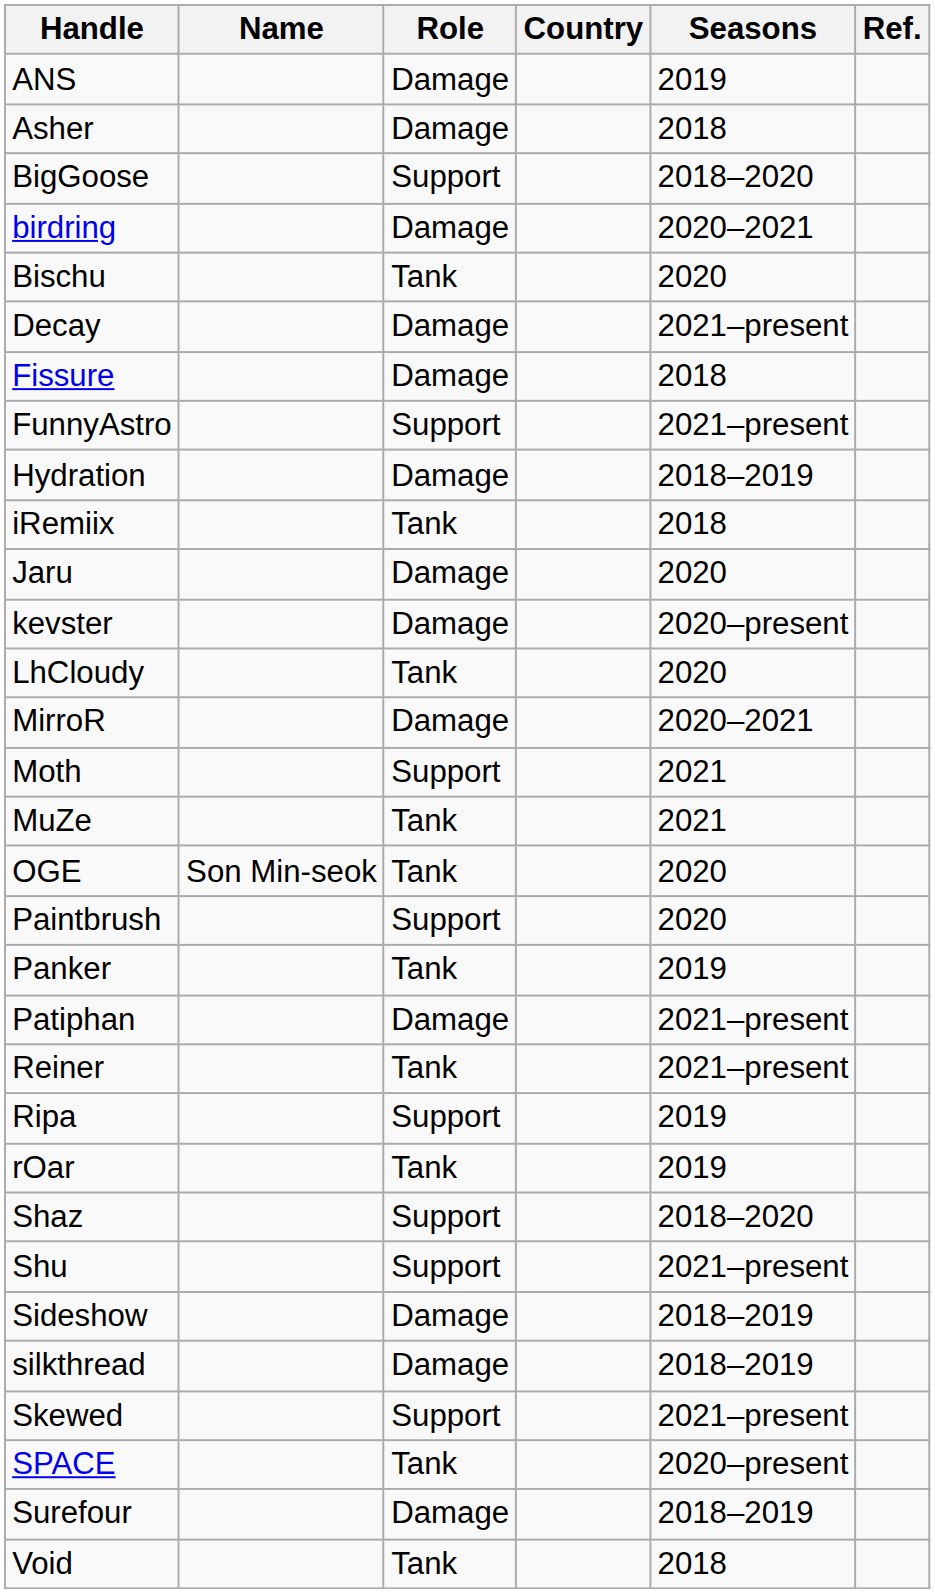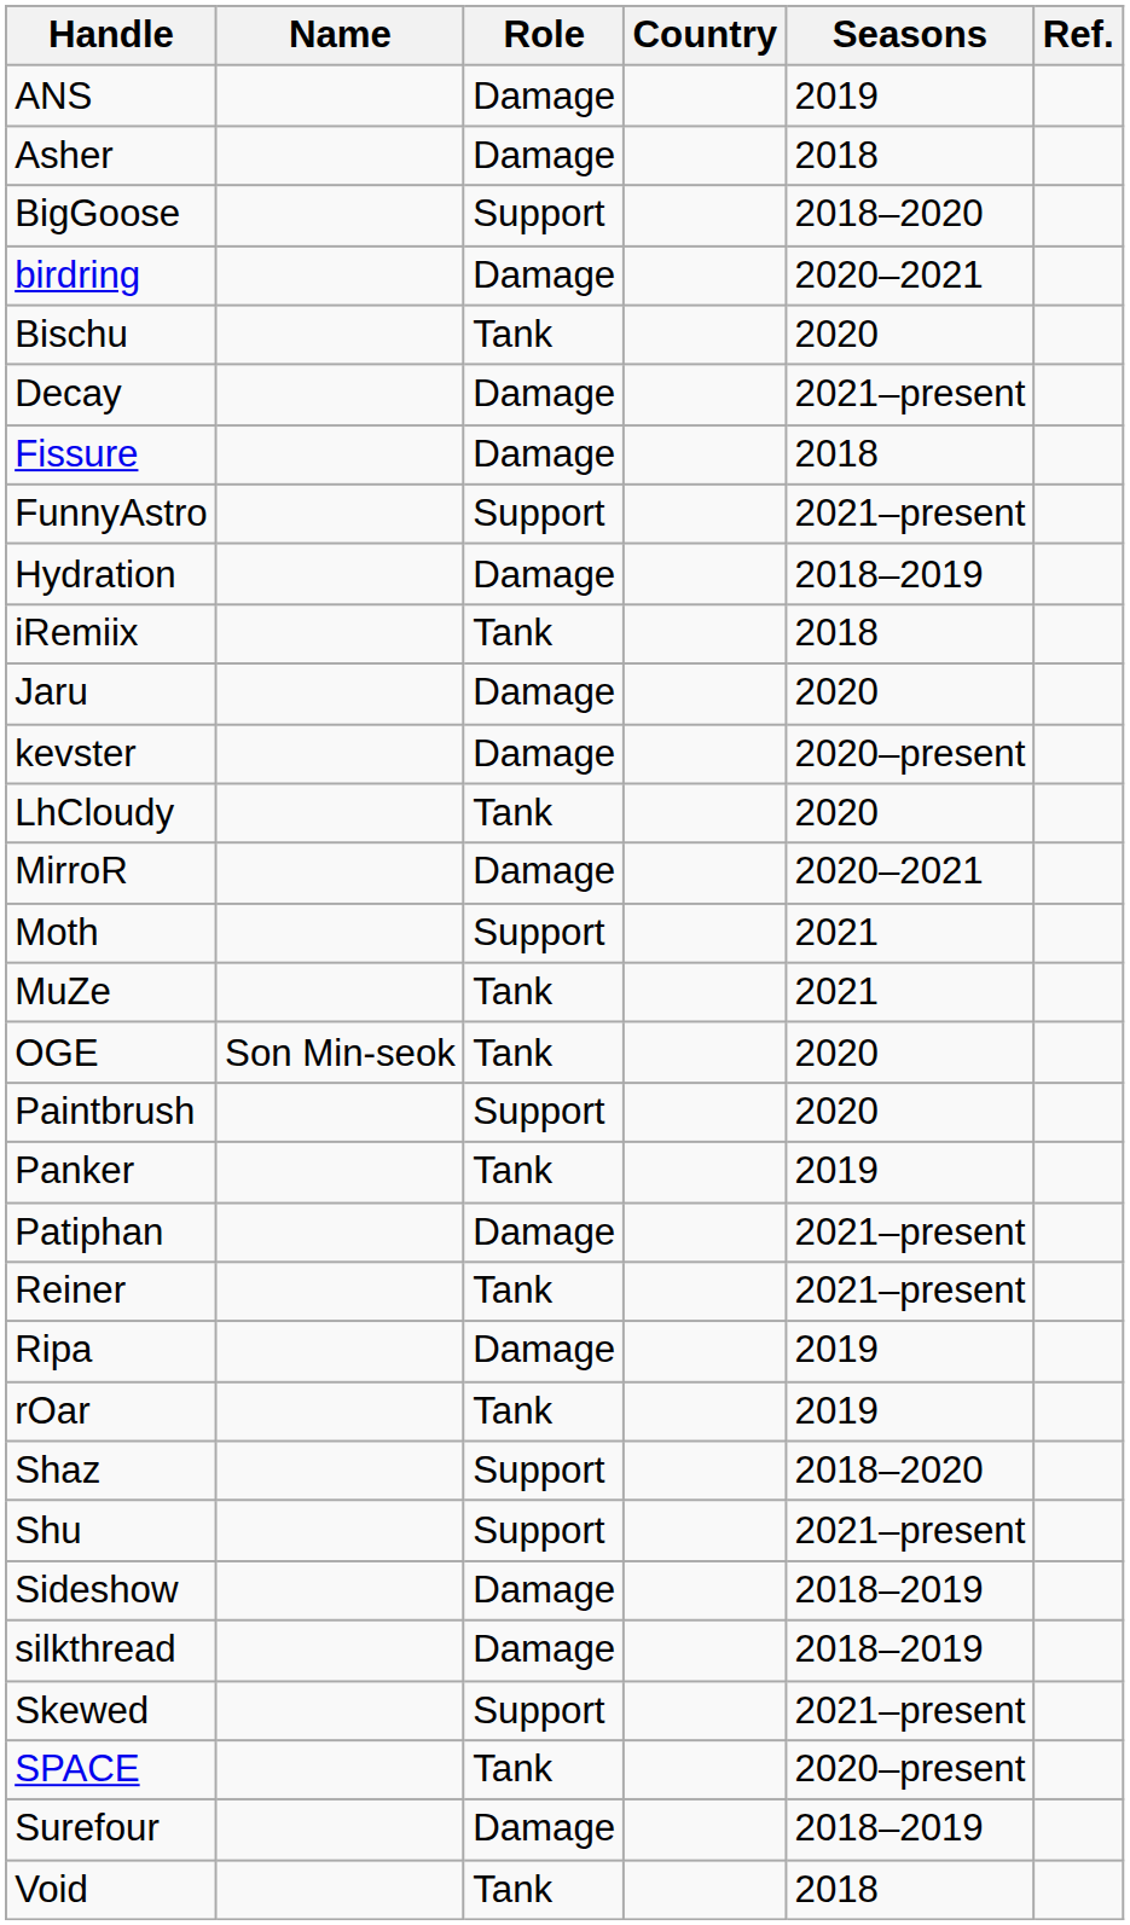 <table class="wikitable sortable" style="text-align:left;">
 <tr>
 <th style="background-color:#">Handle</th>
 <th style="background-color:#">Name</th>
 <th style="background-color:#">Role</th>
 <th style="background-color:#">Country</th>
 <th style="background-color:#">Seasons</th>
 <th style="background-color:#">Ref.</th>
 </tr>
 <tr>
 <td>ANS</td>
 <td></td>
 <td>Damage</td>
 <td></td>
 <td>2019</td>
 <td></td>
 </tr>
 <tr>
 <td>Asher</td>
 <td></td>
 <td>Damage</td>
 <td></td>
 <td>2018</td>
 <td></td>
 </tr>
 <tr>
 <td>BigGoose</td>
 <td></td>
 <td>Support</td>
 <td></td>
 <td>2018–2020</td>
 <td></td>
 </tr>
 <tr>
 <td><a href='#'>birdring</a></td>
 <td></td>
 <td>Damage</td>
 <td></td>
 <td>2020–2021</td>
 <td></td>
 </tr>
 <tr>
 <td>Bischu</td>
 <td></td>
 <td>Tank</td>
 <td></td>
 <td>2020</td>
 <td></td>
 </tr>
 <tr>
 <td>Decay</td>
 <td></td>
 <td>Damage</td>
 <td></td>
 <td>2021–present</td>
 <td></td>
 </tr>
 <tr>
 <td><a href='#'>Fissure</a></td>
 <td></td>
 <td>Damage</td>
 <td></td>
 <td>2018</td>
 <td></td>
 </tr>
 <tr>
 <td>FunnyAstro</td>
 <td></td>
 <td>Support</td>
 <td></td>
 <td>2021–present</td>
 <td></td>
 </tr>
 <tr>
 <td>Hydration</td>
 <td></td>
 <td>Damage</td>
 <td></td>
 <td>2018–2019</td>
 <td></td>
 </tr>
 <tr>
 <td>iRemiix</td>
 <td></td>
 <td>Tank</td>
 <td></td>
 <td>2018</td>
 <td></td>
 </tr>
 <tr>
 <td>Jaru</td>
 <td></td>
 <td>Damage</td>
 <td></td>
 <td>2020</td>
 <td></td>
 </tr>
 <tr>
 <td>kevster</td>
 <td></td>
 <td>Damage</td>
 <td></td>
 <td>2020–present</td>
 <td></td>
 </tr>
 <tr>
 <td>LhCloudy</td>
 <td></td>
 <td>Tank</td>
 <td></td>
 <td>2020</td>
 <td></td>
 </tr>
 <tr>
 <td>MirroR</td>
 <td></td>
 <td>Damage</td>
 <td></td>
 <td>2020–2021</td>
 <td></td>
 </tr>
 <tr>
 <td>Moth</td>
 <td></td>
 <td>Support</td>
 <td></td>
 <td>2021</td>
 <td></td>
 </tr>
 <tr>
 <td>MuZe</td>
 <td></td>
 <td>Tank</td>
 <td></td>
 <td>2021</td>
 <td></td>
 </tr>
 <tr>
 <td>OGE</td>
 <td>Son Min-seok</td>
 <td>Tank</td>
 <td></td>
 <td>2020</td>
 <td></td>
 </tr>
 <tr>
 <td>Paintbrush</td>
 <td></td>
 <td>Support</td>
 <td></td>
 <td>2020</td>
 <td></td>
 </tr>
 <tr>
 <td>Panker</td>
 <td></td>
 <td>Tank</td>
 <td></td>
 <td>2019</td>
 <td></td>
 </tr>
 <tr>
 <td>Patiphan</td>
 <td></td>
 <td>Damage</td>
 <td></td>
 <td>2021–present</td>
 <td></td>
 </tr>
 <tr>
 <td>Reiner</td>
 <td></td>
 <td>Tank</td>
 <td></td>
 <td>2021–present</td>
 <td></td>
 </tr>
 <tr>
 <td>Ripa</td>
 <td></td>
-<td>Support</td>
+<td>Damage</td>
 <td></td>
 <td>2019</td>
 <td></td>
 </tr>
 <tr>
 <td>rOar</td>
 <td></td>
 <td>Tank</td>
 <td></td>
 <td>2019</td>
 <td></td>
 </tr>
 <tr>
 <td>Shaz</td>
 <td></td>
 <td>Support</td>
 <td></td>
 <td>2018–2020</td>
 <td></td>
 </tr>
 <tr>
 <td>Shu</td>
 <td></td>
 <td>Support</td>
 <td></td>
 <td>2021–present</td>
 <td></td>
 </tr>
 <tr>
 <td>Sideshow</td>
 <td></td>
 <td>Damage</td>
 <td></td>
 <td>2018–2019</td>
 <td></td>
 </tr>
 <tr>
 <td>silkthread</td>
 <td></td>
 <td>Damage</td>
 <td></td>
 <td>2018–2019</td>
 <td></td>
 </tr>
 <tr>
 <td>Skewed</td>
 <td></td>
 <td>Support</td>
 <td></td>
 <td>2021–present</td>
 <td></td>
 </tr>
 <tr>
 <td><a href='#'>SPACE</a></td>
 <td></td>
 <td>Tank</td>
 <td></td>
 <td>2020–present</td>
 <td></td>
 </tr>
 <tr>
 <td>Surefour</td>
 <td></td>
 <td>Damage</td>
 <td></td>
 <td>2018–2019</td>
 <td></td>
 </tr>
 <tr>
 <td>Void</td>
 <td></td>
 <td>Tank</td>
 <td></td>
 <td>2018</td>
 <td></td>
 </tr>
 </table>
